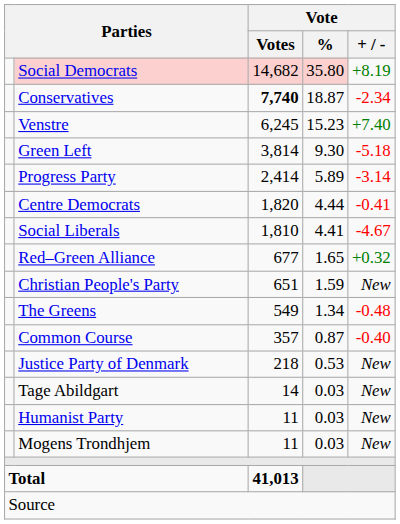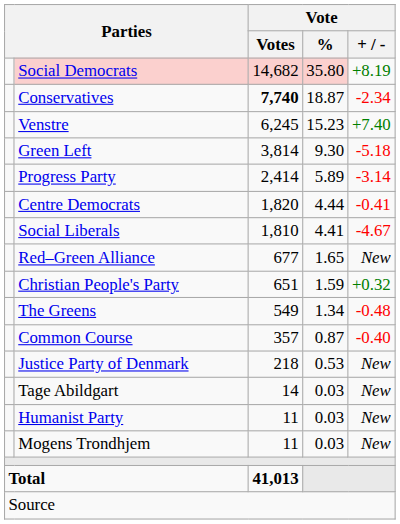 <table class="wikitable" style="text-align:right;">
 <tr>
 <th style="text-align:centre;" rowspan="2" colspan="2" width="225">Parties</th>
 <th colspan="3">Vote</th>
 </tr>
 <tr>
 <th width="15">Votes</th>
 <th width="15">%</th>
 <th width="15">+ / -</th>
 </tr>
 <tr>
 <td width="2" style="color:inherit;background:"></td>
 <td bgcolor=#fbd0ce  align="left"><a href='#'>Social Democrats</a></td>
 <td bgcolor=#fbd0ce>14,682</td>
 <td bgcolor=#fbd0ce>35.80</td>
 <td style=color:green;>+8.19</td>
 </tr>
 <tr>
 <td width="2" style="color:inherit;background:"></td>
 <td align="left"><a href='#'>Conservatives</a></td>
 <td><strong>7,740</strong></td>
 <td>18.87</td>
 <td style=color:red;>-2.34</td>
 </tr>
 <tr>
 <td width="2" style="color:inherit;background:"></td>
 <td align="left"><a href='#'>Venstre</a></td>
 <td>6,245</td>
 <td>15.23</td>
 <td style=color:green;>+7.40</td>
 </tr>
 <tr>
 <td width="2" style="color:inherit;background:"></td>
 <td align="left"><a href='#'>Green Left</a></td>
 <td>3,814</td>
 <td>9.30</td>
 <td style=color:red;>-5.18</td>
 </tr>
 <tr>
 <td width="2" style="color:inherit;background:"></td>
 <td align="left"><a href='#'>Progress Party</a></td>
 <td>2,414</td>
 <td>5.89</td>
 <td style=color:red;>-3.14</td>
 </tr>
 <tr>
 <td width="2" style="color:inherit;background:"></td>
 <td align="left"><a href='#'>Centre Democrats</a></td>
 <td>1,820</td>
 <td>4.44</td>
 <td style=color:red;>-0.41</td>
 </tr>
 <tr>
 <td width="2" style="color:inherit;background:"></td>
 <td align="left"><a href='#'>Social Liberals</a></td>
 <td>1,810</td>
 <td>4.41</td>
 <td style=color:red;>-4.67</td>
 </tr>
 <tr>
 <td width="2" style="color:inherit;background:"></td>
 <td align="left"><a href='#'>Red–Green Alliance</a></td>
 <td>677</td>
 <td>1.65</td>
-<td style=color:green;>+0.32</td>
+<td><em>New</em></td>
 </tr>
 <tr>
 <td width="2" style="color:inherit;background:"></td>
 <td align="left"><a href='#'>Christian People's Party</a></td>
 <td>651</td>
 <td>1.59</td>
-<td><em>New</em></td>
+<td style=color:green;>+0.32</td>
 </tr>
 <tr>
 <td width="2" style="color:inherit;background:"></td>
 <td align="left"><a href='#'>The Greens</a></td>
 <td>549</td>
 <td>1.34</td>
 <td style=color:red;>-0.48</td>
 </tr>
 <tr>
 <td width="2" style="color:inherit;background:"></td>
 <td align="left"><a href='#'>Common Course</a></td>
 <td>357</td>
 <td>0.87</td>
 <td style=color:red;>-0.40</td>
 </tr>
 <tr>
 <td width="2" style="color:inherit;background:"></td>
 <td align="left"><a href='#'>Justice Party of Denmark</a></td>
 <td>218</td>
 <td>0.53</td>
 <td><em>New</em></td>
 </tr>
 <tr>
 <td width="2" style="color:inherit;background:"></td>
 <td align="left">Tage Abildgart</td>
 <td>14</td>
 <td>0.03</td>
 <td><em>New</em></td>
 </tr>
 <tr>
 <td width="2" style="color:inherit;background:"></td>
 <td align="left"><a href='#'>Humanist Party</a></td>
 <td>11</td>
 <td>0.03</td>
 <td><em>New</em></td>
 </tr>
 <tr>
 <td width="2" style="color:inherit;background:"></td>
 <td align="left">Mogens Trondhjem</td>
 <td>11</td>
 <td>0.03</td>
 <td><em>New</em></td>
 </tr>
 <tr>
 <td colspan="7" bgcolor="#E9E9E9"></td>
 </tr>
 <tr>
 <td align="left" colspan="2"><strong>Total</strong></td>
 <td><strong>41,013</strong></td>
 <td bgcolor="#E9E9E9" colspan="2"></td>
 </tr>
 <tr>
 <td align="left" colspan="6">Source</td>
 </tr>
 </table>
